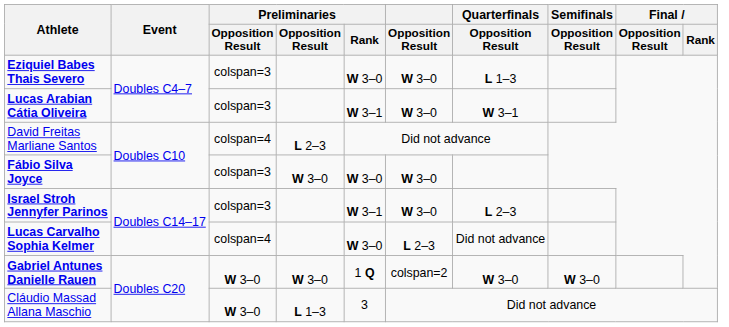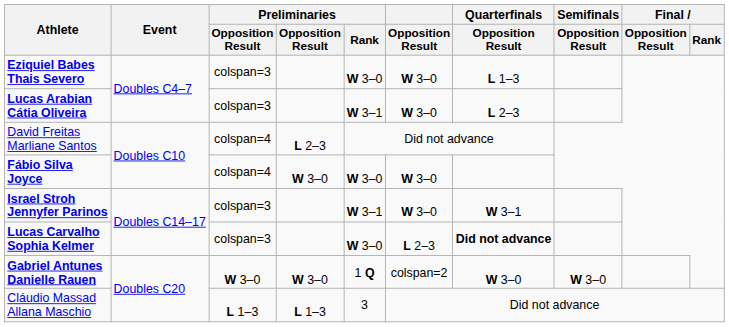 <table class=wikitable style="font-size:90%">
 <tr>
 <th rowspan="2">Athlete</th>
 <th rowspan="2">Event</th>
 <th colspan="3">Preliminaries</th>
 <th></th>
 <th>Quarterfinals</th>
 <th>Semifinals</th>
 <th colspan="2">Final / </th>
 </tr>
 <tr style="font-size:95%">
 <th>Opposition<br>Result</th>
 <th>Opposition<br>Result</th>
 <th>Rank</th>
 <th>Opposition<br>Result</th>
 <th>Opposition<br>Result</th>
 <th>Opposition<br>Result</th>
 <th>Opposition<br>Result</th>
 <th>Rank</th>
 </tr>
 <tr align=center>
 <td align=left><strong><a href='#'>Eziquiel Babes</a><br><a href='#'>Thais Severo</a></strong></td>
 <td align=left rowspan=2><a href='#'>Doubles C4–7</a></td>
 <td>colspan=3 </td>
 <td></td>
 <td><br><strong>W</strong> 3–0</td>
 <td><br><strong>W</strong> 3–0</td>
 <td><br><strong>L</strong> 1–3</td>
 <td></td>
 </tr>
 <tr align=center>
 <td align=left><strong><a href='#'>Lucas Arabian</a><br><a href='#'>Cátia Oliveira</a></strong></td>
 <td>colspan=3 </td>
 <td></td>
 <td><br><strong>W</strong> 3–1</td>
 <td><br><strong>W</strong> 3–0</td>
-<td><br><strong>W</strong> 3–1</td>
+<td><br><strong>L</strong> 2–3</td>
 <td></td>
 </tr>
 <tr align=center>
 <td align=left><a href='#'>David Freitas</a><br><a href='#'>Marliane Santos</a></td>
 <td align=left rowspan=2><a href='#'>Doubles C10</a></td>
 <td>colspan=4 </td>
 <td><br><strong>L</strong> 2–3</td>
 <td colspan=3>Did not advance</td>
 </tr>
 <tr align=center>
 <td align=left><strong><a href='#'>Fábio Silva</a><br><a href='#'>Joyce </a></strong></td>
-<td>colspan=3 </td>
+<td>colspan=4 </td>
 <td><br><strong>W</strong> 3–0</td>
 <td><br><strong>W</strong> 3–0</td>
 <td><br><strong>W</strong> 3–0</td>
 <td></td>
 </tr>
 <tr align=center>
 <td align=left><strong><a href='#'>Israel Stroh</a><br><a href='#'>Jennyfer Parinos</a></strong></td>
 <td align=left rowspan=2><a href='#'>Doubles C14–17</a></td>
 <td>colspan=3 </td>
 <td></td>
 <td><br><strong>W</strong> 3–1</td>
 <td><br><strong>W</strong> 3–0</td>
-<td><br><strong>L</strong> 2–3</td>
+<td><br><strong>W</strong> 3–1</td>
 <td></td>
 </tr>
 <tr align=center>
 <td align=left><strong><a href='#'>Lucas Carvalho</a><br><a href='#'>Sophia Kelmer</a></strong></td>
-<td>colspan=4 </td>
+<td>colspan=3 </td>
 <td></td>
 <td><br><strong>W</strong> 3–0</td>
 <td><br><strong>L</strong> 2–3</td>
-<td>Did not advance</td>
+<td><strong>Did not advance</strong></td>
 <td></td>
 </tr>
 <tr align=center>
 <td align=left><strong><a href='#'>Gabriel Antunes</a><br><a href='#'>Danielle Rauen</a></strong></td>
 <td align=left rowspan=2><a href='#'>Doubles C20</a></td>
 <td><br><strong>W</strong> 3–0</td>
 <td><br><strong>W</strong> 3–0</td>
 <td>1 <strong>Q</strong></td>
 <td>colspan=2 </td>
 <td><br><strong>W</strong> 3–0</td>
 <td><br><strong>W</strong> 3–0</td>
 <td></td>
 </tr>
 <tr align=center>
 <td align=left><a href='#'>Cláudio Massad</a><br><a href='#'>Allana Maschio</a></td>
-<td><br><strong>W</strong> 3–0</td>
+<td><br><strong>L</strong> 1–3</td>
 <td><br><strong>L</strong> 1–3</td>
 <td>3</td>
 <td colspan=5>Did not advance</td>
 </tr>
 </table>
